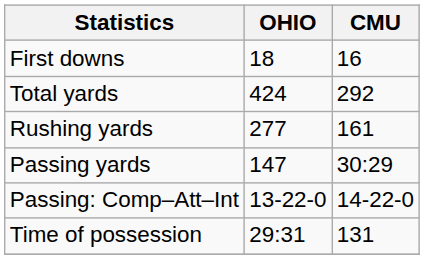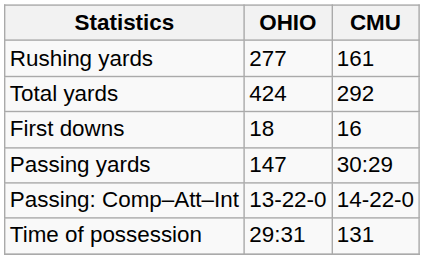 <table class="wikitable" style="float: left;">
 <tr>
 <th>Statistics</th>
 <th>OHIO</th>
 <th>CMU</th>
 </tr>
 <tr>
-<td>First downs</td>
-<td>18</td>
-<td>16</td>
+<td>Rushing yards</td>
+<td>277</td>
+<td>161</td>
 </tr>
 <tr>
 <td>Total yards</td>
 <td>424</td>
 <td>292</td>
 </tr>
 <tr>
-<td>Rushing yards</td>
-<td>277</td>
-<td>161</td>
+<td>First downs</td>
+<td>18</td>
+<td>16</td>
 </tr>
 <tr>
 <td>Passing yards</td>
 <td>147</td>
 <td>30:29</td>
 </tr>
 <tr>
 <td>Passing: Comp–Att–Int</td>
 <td>13-22-0</td>
 <td>14-22-0</td>
 </tr>
 <tr>
 <td>Time of possession</td>
 <td>29:31</td>
 <td>131</td>
 </tr>
 <tr>
 </tr>
 </table>
